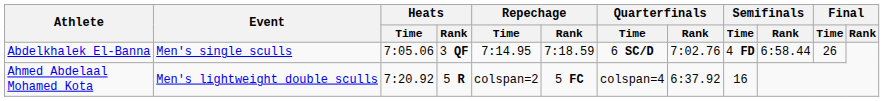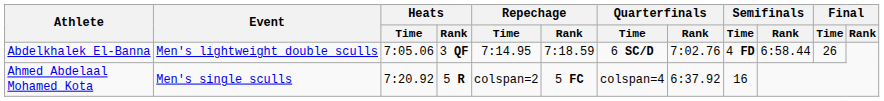 <table class=wikitable style=font-size:90%;text-align:center>
 <tr>
 <th rowspan=2>Athlete</th>
 <th rowspan=2>Event</th>
 <th colspan=2>Heats</th>
 <th colspan=2>Repechage</th>
 <th colspan=2>Quarterfinals</th>
 <th colspan=2>Semifinals</th>
 <th colspan=2>Final</th>
 </tr>
 <tr style=font-size:95%>
 <th>Time</th>
 <th>Rank</th>
 <th>Time</th>
 <th>Rank</th>
 <th>Time</th>
 <th>Rank</th>
 <th>Time</th>
 <th>Rank</th>
 <th>Time</th>
 <th>Rank</th>
 </tr>
 <tr>
 <td align=left><a href='#'>Abdelkhalek El-Banna</a></td>
-<td align=left><a href='#'>Men's single sculls</a></td>
+<td align=left><a href='#'>Men's lightweight double sculls</a></td>
 <td>7:05.06</td>
 <td>3 <strong>QF</strong></td>
 <td>7:14.95</td>
 <td>7:18.59</td>
 <td>6 <strong>SC/D</strong></td>
 <td>7:02.76</td>
 <td>4 <strong>FD</strong></td>
 <td>6:58.44</td>
 <td>26</td>
 </tr>
 <tr>
 <td align=left><a href='#'>Ahmed Abdelaal</a><br><a href='#'>Mohamed Kota</a></td>
-<td align=left><a href='#'>Men's lightweight double sculls</a></td>
+<td align=left><a href='#'>Men's single sculls</a></td>
 <td>7:20.92</td>
 <td>5 <strong>R</strong></td>
 <td>colspan=2 </td>
 <td>5 <strong>FC</strong></td>
 <td>colspan=4 </td>
 <td>6:37.92</td>
 <td>16</td>
 </tr>
 </table>
